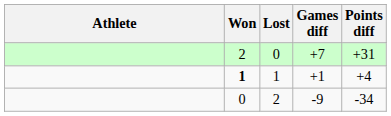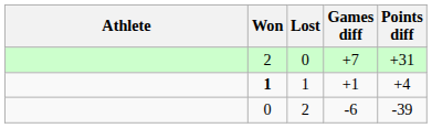 <table class="wikitable">
 <tr>
 <th style="width:15em">Athlete</th>
 <th>Won</th>
 <th>Lost</th>
 <th>Games<br>diff</th>
 <th>Points<br>diff</th>
 </tr>
 <tr bgcolor="#ccffcc">
 <td></td>
 <td align="center">2</td>
 <td align="center">0</td>
 <td align="center">+7</td>
 <td align="center">+31</td>
 </tr>
 <tr>
 <td></td>
 <td align="center"><strong>1</strong></td>
 <td align="center">1</td>
 <td align="center">+1</td>
 <td align="center">+4</td>
 </tr>
 <tr>
 <td></td>
 <td align="center">0</td>
 <td align="center">2</td>
-<td align="center">-9</td>
-<td align="center">-34</td>
+<td align="center">-6</td>
+<td align="center">-39</td>
 </tr>
 </table>
